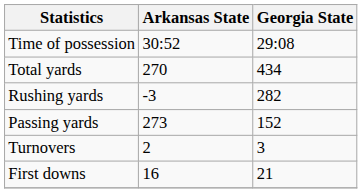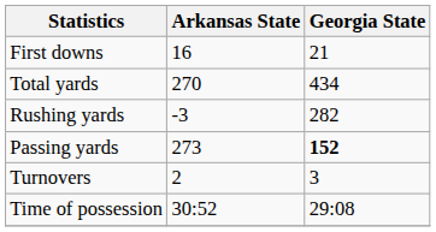 <table class="wikitable">
 <tr>
 <th>Statistics</th>
 <th>Arkansas State</th>
 <th>Georgia State</th>
 </tr>
 <tr>
-<td>Time of possession</td>
-<td>30:52</td>
-<td>29:08</td>
+<td>First downs</td>
+<td>16</td>
+<td>21</td>
 </tr>
 <tr>
 <td>Total yards</td>
 <td>270</td>
 <td>434</td>
 </tr>
 <tr>
 <td>Rushing yards</td>
 <td>-3</td>
 <td>282</td>
 </tr>
 <tr>
 <td>Passing yards</td>
 <td>273</td>
-<td>152</td>
+<td><strong>152</strong></td>
 </tr>
 <tr>
 <td>Turnovers</td>
 <td>2</td>
 <td>3</td>
 </tr>
 <tr>
-<td>First downs</td>
-<td>16</td>
-<td>21</td>
+<td>Time of possession</td>
+<td>30:52</td>
+<td>29:08</td>
 </tr>
 <tr>
 </tr>
 </table>
